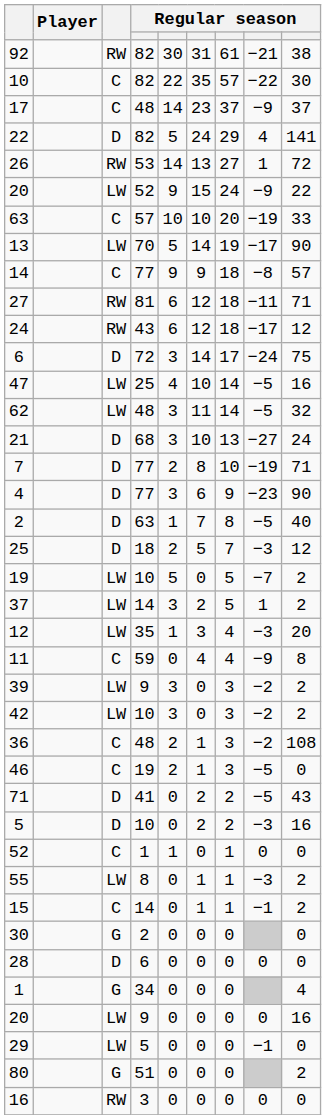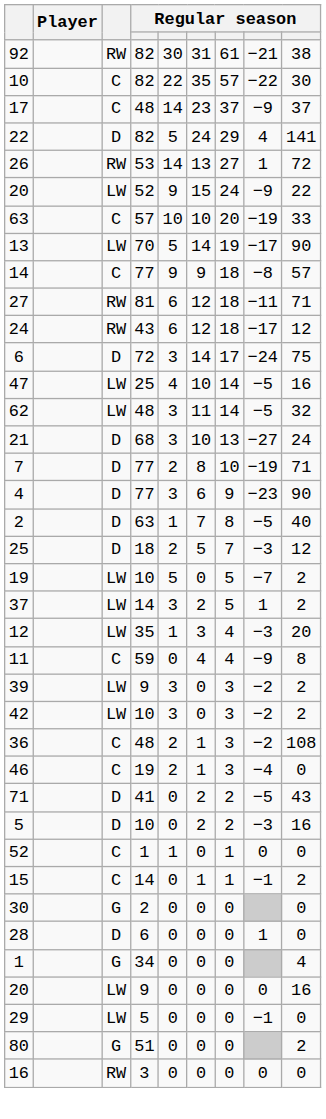 <table class="wikitable sortable plainrowheaders" style="text-align:center;">
 <tr>
 <th scope="col" data-sort-type="number" rowspan="2"></th>
 <th scope="col" rowspan="2">Player</th>
 <th scope="col" rowspan="2"></th>
 <th scope=colgroup colspan=6>Regular season</th>
 </tr>
 <tr>
 <th scope="col" data-sort-type="number"></th>
 <th scope="col" data-sort-type="number"></th>
 <th scope="col" data-sort-type="number"></th>
 <th scope="col" data-sort-type="number"></th>
 <th scope="col" data-sort-type="number"></th>
 <th scope="col" data-sort-type="number"></th>
 </tr>
 <tr>
 <td scope="row">92</td>
 <td align="left"></td>
 <td>RW</td>
 <td>82</td>
 <td>30</td>
 <td>31</td>
 <td>61</td>
 <td>−21</td>
 <td>38</td>
 </tr>
 <tr>
 <td scope="row">10</td>
 <td align="left"></td>
 <td>C</td>
 <td>82</td>
 <td>22</td>
 <td>35</td>
 <td>57</td>
 <td>−22</td>
 <td>30</td>
 </tr>
 <tr>
 <td scope="row">17</td>
 <td align="left"></td>
 <td>C</td>
 <td>48</td>
 <td>14</td>
 <td>23</td>
 <td>37</td>
 <td>−9</td>
 <td>37</td>
 </tr>
 <tr>
 <td scope="row">22</td>
 <td align="left"></td>
 <td>D</td>
 <td>82</td>
 <td>5</td>
 <td>24</td>
 <td>29</td>
 <td>4</td>
 <td>141</td>
 </tr>
 <tr>
 <td scope="row">26</td>
 <td align="left"></td>
 <td>RW</td>
 <td>53</td>
 <td>14</td>
 <td>13</td>
 <td>27</td>
 <td>1</td>
 <td>72</td>
 </tr>
 <tr>
 <td scope="row">20</td>
 <td align="left"></td>
 <td>LW</td>
 <td>52</td>
 <td>9</td>
 <td>15</td>
 <td>24</td>
 <td>−9</td>
 <td>22</td>
 </tr>
 <tr>
 <td scope="row">63</td>
 <td align="left"></td>
 <td>C</td>
 <td>57</td>
 <td>10</td>
 <td>10</td>
 <td>20</td>
 <td>−19</td>
 <td>33</td>
 </tr>
 <tr>
 <td scope="row">13</td>
 <td align="left"></td>
 <td>LW</td>
 <td>70</td>
 <td>5</td>
 <td>14</td>
 <td>19</td>
 <td>−17</td>
 <td>90</td>
 </tr>
 <tr>
 <td scope="row">14</td>
 <td align="left"></td>
 <td>C</td>
 <td>77</td>
 <td>9</td>
 <td>9</td>
 <td>18</td>
 <td>−8</td>
 <td>57</td>
 </tr>
 <tr>
 <td scope="row">27</td>
 <td align="left"></td>
 <td>RW</td>
 <td>81</td>
 <td>6</td>
 <td>12</td>
 <td>18</td>
 <td>−11</td>
 <td>71</td>
 </tr>
 <tr>
 <td scope="row">24</td>
 <td align="left"></td>
 <td>RW</td>
 <td>43</td>
 <td>6</td>
 <td>12</td>
 <td>18</td>
 <td>−17</td>
 <td>12</td>
 </tr>
 <tr>
 <td scope="row">6</td>
 <td align="left"></td>
 <td>D</td>
 <td>72</td>
 <td>3</td>
 <td>14</td>
 <td>17</td>
 <td>−24</td>
 <td>75</td>
 </tr>
 <tr>
 <td scope="row">47</td>
 <td align="left"></td>
 <td>LW</td>
 <td>25</td>
 <td>4</td>
 <td>10</td>
 <td>14</td>
 <td>−5</td>
 <td>16</td>
 </tr>
 <tr>
 <td scope="row">62</td>
 <td align="left"></td>
 <td>LW</td>
 <td>48</td>
 <td>3</td>
 <td>11</td>
 <td>14</td>
 <td>−5</td>
 <td>32</td>
 </tr>
 <tr>
 <td scope="row">21</td>
 <td align="left"></td>
 <td>D</td>
 <td>68</td>
 <td>3</td>
 <td>10</td>
 <td>13</td>
 <td>−27</td>
 <td>24</td>
 </tr>
 <tr>
 <td scope="row">7</td>
 <td align="left"></td>
 <td>D</td>
 <td>77</td>
 <td>2</td>
 <td>8</td>
 <td>10</td>
 <td>−19</td>
 <td>71</td>
 </tr>
 <tr>
 <td scope="row">4</td>
 <td align="left"></td>
 <td>D</td>
 <td>77</td>
 <td>3</td>
 <td>6</td>
 <td>9</td>
 <td>−23</td>
 <td>90</td>
 </tr>
 <tr>
 <td scope="row">2</td>
 <td align="left"></td>
 <td>D</td>
 <td>63</td>
 <td>1</td>
 <td>7</td>
 <td>8</td>
 <td>−5</td>
 <td>40</td>
 </tr>
 <tr>
 <td scope="row">25</td>
 <td align="left"></td>
 <td>D</td>
 <td>18</td>
 <td>2</td>
 <td>5</td>
 <td>7</td>
 <td>−3</td>
 <td>12</td>
 </tr>
 <tr>
 <td scope="row">19</td>
 <td align="left"></td>
 <td>LW</td>
 <td>10</td>
 <td>5</td>
 <td>0</td>
 <td>5</td>
 <td>−7</td>
 <td>2</td>
 </tr>
 <tr>
 <td scope="row">37</td>
 <td align="left"></td>
 <td>LW</td>
 <td>14</td>
 <td>3</td>
 <td>2</td>
 <td>5</td>
 <td>1</td>
 <td>2</td>
 </tr>
 <tr>
 <td scope="row">12</td>
 <td align="left"></td>
 <td>LW</td>
 <td>35</td>
 <td>1</td>
 <td>3</td>
 <td>4</td>
 <td>−3</td>
 <td>20</td>
 </tr>
 <tr>
 <td scope="row">11</td>
 <td align="left"></td>
 <td>C</td>
 <td>59</td>
 <td>0</td>
 <td>4</td>
 <td>4</td>
 <td>−9</td>
 <td>8</td>
 </tr>
 <tr>
 <td scope="row">39</td>
 <td align="left"></td>
 <td>LW</td>
 <td>9</td>
 <td>3</td>
 <td>0</td>
 <td>3</td>
 <td>−2</td>
 <td>2</td>
 </tr>
 <tr>
 <td scope="row">42</td>
 <td align="left"></td>
 <td>LW</td>
 <td>10</td>
 <td>3</td>
 <td>0</td>
 <td>3</td>
 <td>−2</td>
 <td>2</td>
 </tr>
 <tr>
 <td scope="row">36</td>
 <td align="left"></td>
 <td>C</td>
 <td>48</td>
 <td>2</td>
 <td>1</td>
 <td>3</td>
 <td>−2</td>
 <td>108</td>
 </tr>
 <tr>
 <td scope="row">46</td>
 <td align="left"></td>
 <td>C</td>
 <td>19</td>
 <td>2</td>
 <td>1</td>
 <td>3</td>
-<td>−5</td>
+<td>−4</td>
 <td>0</td>
 </tr>
 <tr>
 <td scope="row">71</td>
 <td align="left"></td>
 <td>D</td>
 <td>41</td>
 <td>0</td>
 <td>2</td>
 <td>2</td>
 <td>−5</td>
 <td>43</td>
 </tr>
 <tr>
 <td scope="row">5</td>
 <td align="left"></td>
 <td>D</td>
 <td>10</td>
 <td>0</td>
 <td>2</td>
 <td>2</td>
 <td>−3</td>
 <td>16</td>
 </tr>
 <tr>
 <td scope="row">52</td>
 <td align="left"></td>
 <td>C</td>
 <td>1</td>
 <td>1</td>
 <td>0</td>
 <td>1</td>
 <td>0</td>
 <td>0</td>
 </tr>
 <tr>
-<td scope="row">55</td>
-<td align="left"></td>
-<td>LW</td>
-<td>8</td>
-<td>0</td>
-<td>1</td>
-<td>1</td>
-<td>−3</td>
-<td>2</td>
-</tr>
-<tr>
 <td scope="row">15</td>
 <td align="left"></td>
 <td>C</td>
 <td>14</td>
 <td>0</td>
 <td>1</td>
 <td>1</td>
 <td>−1</td>
 <td>2</td>
 </tr>
 <tr>
 <td scope="row">30</td>
 <td align="left"></td>
 <td>G</td>
 <td>2</td>
 <td>0</td>
 <td>0</td>
 <td>0</td>
 <td style="background:#ccc"></td>
 <td>0</td>
 </tr>
 <tr>
 <td scope="row">28</td>
 <td align="left"></td>
 <td>D</td>
 <td>6</td>
 <td>0</td>
 <td>0</td>
 <td>0</td>
-<td>0</td>
+<td>1</td>
 <td>0</td>
 </tr>
 <tr>
 <td scope="row">1</td>
 <td align="left"></td>
 <td>G</td>
 <td>34</td>
 <td>0</td>
 <td>0</td>
 <td>0</td>
 <td style="background:#ccc"></td>
 <td>4</td>
 </tr>
 <tr>
 <td scope="row">20</td>
 <td align="left"></td>
 <td>LW</td>
 <td>9</td>
 <td>0</td>
 <td>0</td>
 <td>0</td>
 <td>0</td>
 <td>16</td>
 </tr>
 <tr>
 <td scope="row">29</td>
 <td align="left"></td>
 <td>LW</td>
 <td>5</td>
 <td>0</td>
 <td>0</td>
 <td>0</td>
 <td>−1</td>
 <td>0</td>
 </tr>
 <tr>
 <td scope="row">80</td>
 <td align="left"></td>
 <td>G</td>
 <td>51</td>
 <td>0</td>
 <td>0</td>
 <td>0</td>
 <td style="background:#ccc"></td>
 <td>2</td>
 </tr>
 <tr>
 <td scope="row">16</td>
 <td align="left"></td>
 <td>RW</td>
 <td>3</td>
 <td>0</td>
 <td>0</td>
 <td>0</td>
 <td>0</td>
 <td>0</td>
 </tr>
 </table>
